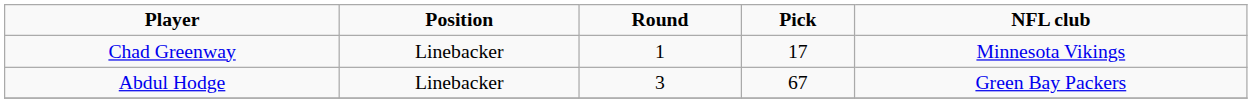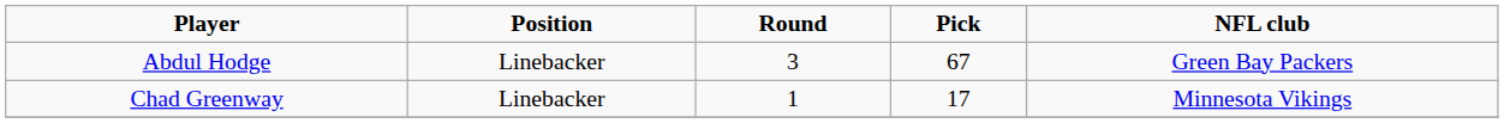 <table class="wikitable" width="80%">
 <tr align="center">
 <td><strong>Player</strong></td>
 <td><strong>Position</strong></td>
 <td><strong>Round</strong></td>
 <td><strong>Pick</strong></td>
 <td><strong>NFL club</strong></td>
 </tr>
 <tr align="center" bgcolor="">
+<td><a href='#'>Abdul Hodge</a></td>
+<td>Linebacker</td>
+<td>3</td>
+<td>67</td>
+<td><a href='#'>Green Bay Packers</a></td>
+</tr>
+<tr align="center" bgcolor="">
 <td><a href='#'>Chad Greenway</a></td>
 <td>Linebacker</td>
 <td>1</td>
 <td>17</td>
 <td><a href='#'>Minnesota Vikings</a></td>
 </tr>
 <tr align="center" bgcolor="">
-<td><a href='#'>Abdul Hodge</a></td>
-<td>Linebacker</td>
-<td>3</td>
-<td>67</td>
-<td><a href='#'>Green Bay Packers</a></td>
-</tr>
-<tr align="center" bgcolor="">
 </tr>
 </table>
